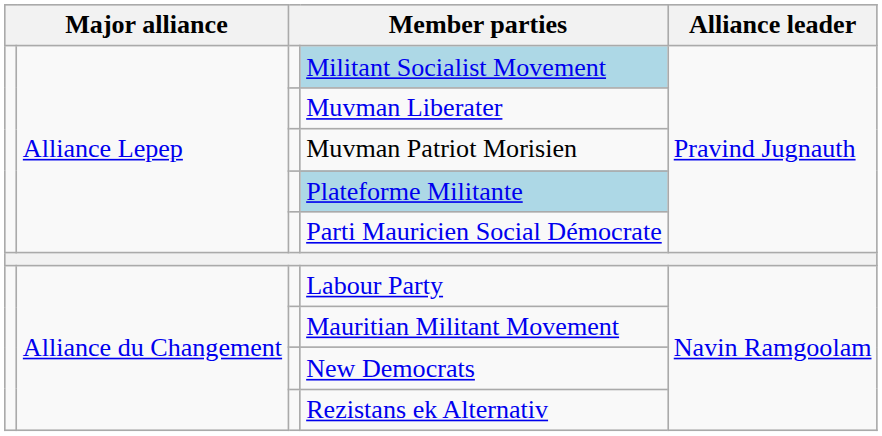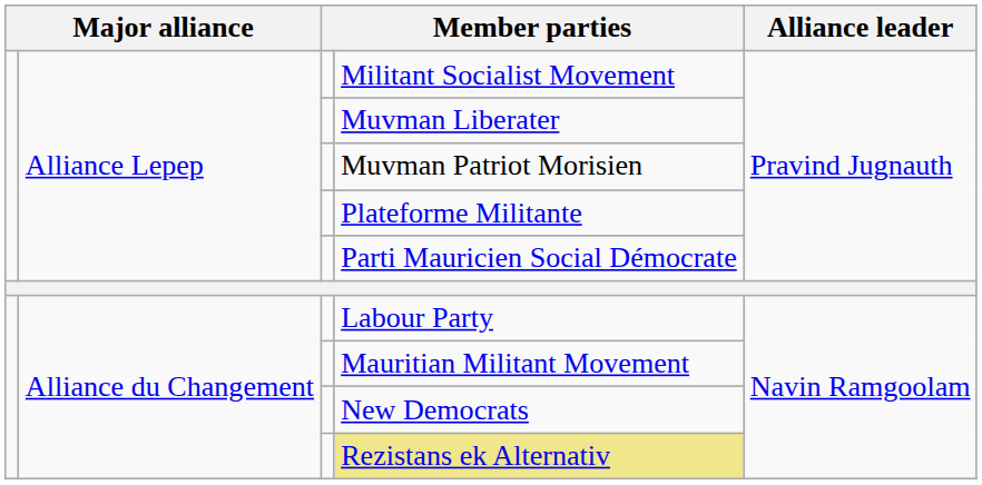 <table class=wikitable>
 <tr>
 <th colspan=2>Major alliance</th>
 <th colspan=2>Member parties</th>
 <th>Alliance leader</th>
 </tr>
 <tr>
 <td rowspan=5 bgcolor=></td>
 <td rowspan=5><a href='#'>Alliance Lepep</a></td>
 <td bgcolor=></td>
-<td style="background: lightblue;"><a href='#'>Militant Socialist Movement</a></td>
+<td><a href='#'>Militant Socialist Movement</a></td>
 <td rowspan=5><a href='#'>Pravind Jugnauth</a></td>
 </tr>
 <tr>
 <td bgcolor=></td>
 <td><a href='#'>Muvman Liberater</a></td>
 </tr>
 <tr>
 <td bgcolor=></td>
 <td>Muvman Patriot Morisien</td>
 </tr>
 <tr>
 <td bgcolor=></td>
-<td style="background: lightblue;"><a href='#'>Plateforme Militante</a></td>
+<td><a href='#'>Plateforme Militante</a></td>
 </tr>
 <tr>
 <td bgcolor=></td>
 <td><a href='#'>Parti Mauricien Social Démocrate</a></td>
 </tr>
 <tr>
 <th colspan=5></th>
 </tr>
 <tr>
 <td rowspan=4 bgcolor=></td>
 <td rowspan=4><a href='#'>Alliance du Changement</a></td>
 <td bgcolor=></td>
 <td><a href='#'>Labour Party</a></td>
 <td rowspan=4><a href='#'>Navin Ramgoolam</a></td>
 </tr>
 <tr>
 <td bgcolor=></td>
 <td><a href='#'>Mauritian Militant Movement</a></td>
 </tr>
 <tr>
 <td bgcolor=></td>
 <td><a href='#'>New Democrats</a></td>
 </tr>
 <tr>
 <td bgcolor=></td>
-<td><a href='#'>Rezistans ek Alternativ</a></td>
+<td style="background: khaki;"><a href='#'>Rezistans ek Alternativ</a></td>
 </tr>
 </table>
